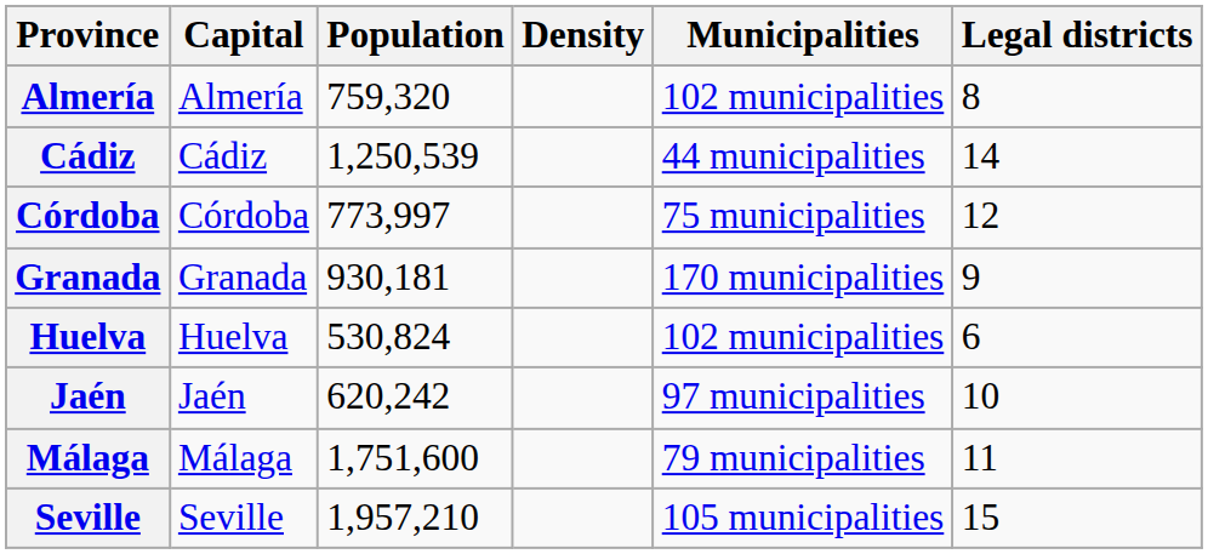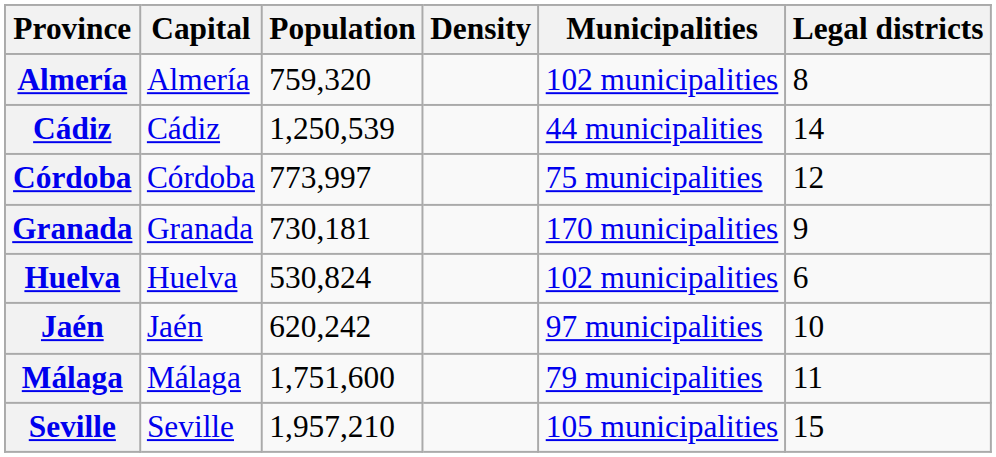 <table class="wikitable sortable">
 <tr>
 <th>Province</th>
 <th>Capital</th>
 <th>Population</th>
 <th>Density</th>
 <th>Municipalities</th>
 <th>Legal districts</th>
 </tr>
 <tr>
 <th> <a href='#'>Almería</a></th>
 <td><a href='#'>Almería</a></td>
 <td>759,320</td>
 <td></td>
 <td><a href='#'>102 municipalities</a></td>
 <td>8</td>
 </tr>
 <tr>
 <th> <a href='#'>Cádiz</a></th>
 <td><a href='#'>Cádiz</a></td>
 <td>1,250,539</td>
 <td></td>
 <td><a href='#'>44 municipalities</a></td>
 <td>14</td>
 </tr>
 <tr>
 <th> <a href='#'>Córdoba</a></th>
 <td><a href='#'>Córdoba</a></td>
 <td>773,997</td>
 <td></td>
 <td><a href='#'>75 municipalities</a></td>
 <td>12</td>
 </tr>
 <tr>
 <th> <a href='#'>Granada</a></th>
 <td><a href='#'>Granada</a></td>
-<td>930,181</td>
+<td>730,181</td>
 <td></td>
 <td><a href='#'>170 municipalities</a></td>
 <td>9</td>
 </tr>
 <tr>
 <th> <a href='#'>Huelva</a></th>
 <td><a href='#'>Huelva</a></td>
 <td>530,824</td>
 <td></td>
 <td><a href='#'>102 municipalities</a></td>
 <td>6</td>
 </tr>
 <tr>
 <th> <a href='#'>Jaén</a></th>
 <td><a href='#'>Jaén</a></td>
 <td>620,242</td>
 <td></td>
 <td><a href='#'>97 municipalities</a></td>
 <td>10</td>
 </tr>
 <tr>
 <th> <a href='#'>Málaga</a></th>
 <td><a href='#'>Málaga</a></td>
 <td>1,751,600</td>
 <td></td>
 <td><a href='#'>79 municipalities</a></td>
 <td>11</td>
 </tr>
 <tr>
 <th> <a href='#'>Seville</a></th>
 <td><a href='#'>Seville</a></td>
 <td>1,957,210</td>
 <td></td>
 <td><a href='#'>105 municipalities</a></td>
 <td>15</td>
 </tr>
 </table>
